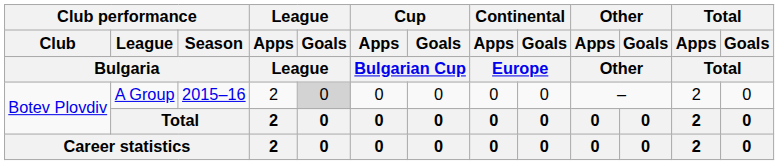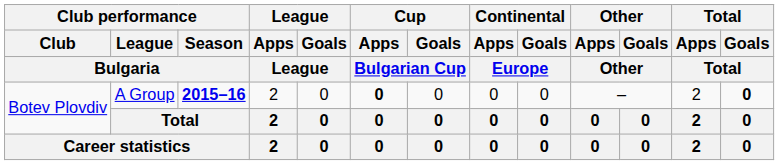 <table class="wikitable" style="text-align: center">
 <tr>
 <th Colspan="3">Club performance</th>
 <th Colspan="2">League</th>
 <th Colspan="2">Cup</th>
 <th Colspan="2">Continental</th>
 <th Colspan="2">Other</th>
 <th Colspan="3">Total</th>
 </tr>
 <tr>
 <th>Club</th>
 <th>League</th>
 <th>Season</th>
 <th>Apps</th>
 <th>Goals</th>
 <th>Apps</th>
 <th>Goals</th>
 <th>Apps</th>
 <th>Goals</th>
 <th>Apps</th>
 <th>Goals</th>
 <th>Apps</th>
 <th>Goals</th>
 </tr>
 <tr>
 <th Colspan="3">Bulgaria</th>
 <th Colspan="2">League</th>
 <th Colspan="2"><a href='#'>Bulgarian Cup</a></th>
 <th Colspan="2"><a href='#'>Europe</a></th>
 <th Colspan="2">Other</th>
 <th Colspan="2">Total</th>
 </tr>
 <tr>
 <td rowspan="2" valign="center"><a href='#'>Botev Plovdiv</a></td>
 <td rowspan="1"><a href='#'>A Group</a></td>
-<td><a href='#'>2015–16</a></td>
+<td><strong><a href='#'>2015–16</a></strong></td>
 <td>2</td>
-<td style="background: lightgrey;">0</td>
 <td>0</td>
+<td><strong>0</strong></td>
 <td>0</td>
 <td>0</td>
 <td>0</td>
 <td colspan="2">–</td>
 <td>2</td>
-<td>0</td>
+<td><strong>0</strong></td>
 </tr>
 <tr>
 <th colspan=2>Total</th>
 <th>2</th>
 <th>0</th>
 <th>0</th>
 <th>0</th>
 <th>0</th>
 <th>0</th>
 <th>0</th>
 <th>0</th>
 <th>2</th>
 <th>0</th>
 </tr>
 <tr>
 <th colspan="3">Career statistics</th>
 <th>2</th>
 <th>0</th>
 <th>0</th>
 <th>0</th>
 <th>0</th>
 <th>0</th>
 <th>0</th>
 <th>0</th>
 <th>2</th>
 <th>0</th>
 </tr>
 </table>
